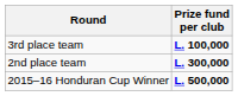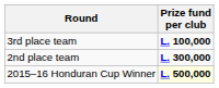 <table class="wikitable">
 <tr>
 <th>Round</th>
 <th>Prize fund<br>per club</th>
 </tr>
 <tr>
 <td>3rd place team</td>
 <td><strong><a href='#'>L.</a> 100,000</strong></td>
 </tr>
 <tr>
 <td>2nd place team</td>
 <td><strong><a href='#'>L.</a> 300,000</strong></td>
 </tr>
 <tr>
 <td>2015–16 Honduran Cup Winner</td>
-<td><strong><a href='#'>L.</a> 500,000</strong></td>
+<td style="background: lightyellow;"><strong><a href='#'>L.</a> 500,000</strong></td>
 </tr>
 </table>
